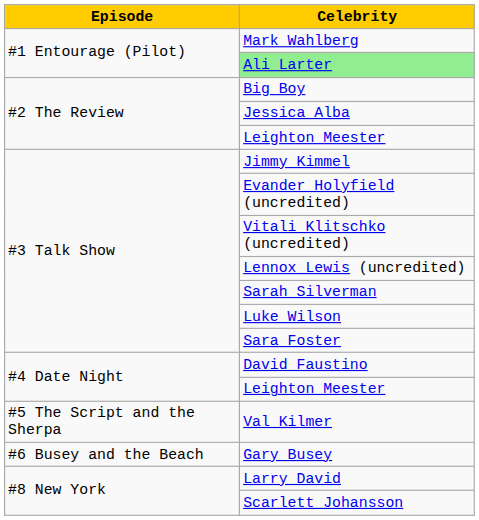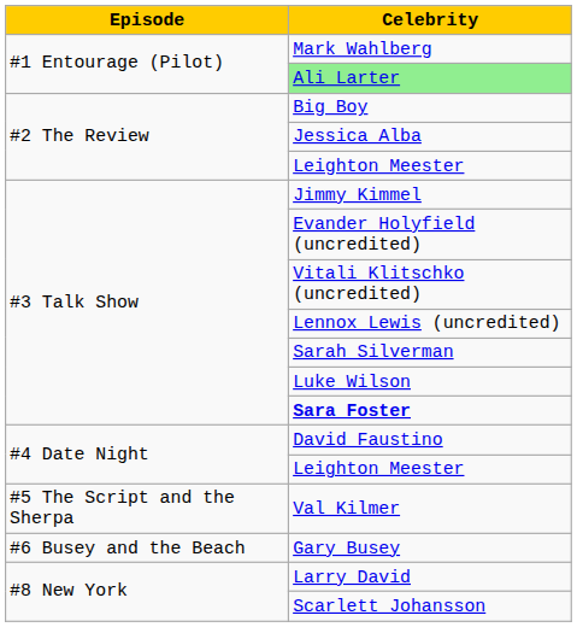 <table class="wikitable">
 <tr style="color:black">
 <th style="background:#fc0; width:200px;">Episode</th>
 <th style="background:#fc0; width:200px;">Celebrity</th>
 </tr>
 <tr>
 <td rowspan="2">#1 Entourage (Pilot)</td>
 <td><a href='#'>Mark Wahlberg</a></td>
 </tr>
 <tr>
 <td style="background: lightgreen;"><a href='#'>Ali Larter</a></td>
 </tr>
 <tr>
 <td rowspan="3">#2 The Review</td>
 <td><a href='#'>Big Boy</a></td>
 </tr>
 <tr>
 <td><a href='#'>Jessica Alba</a></td>
 </tr>
 <tr>
 <td><a href='#'>Leighton Meester</a></td>
 </tr>
 <tr>
 <td rowspan="7">#3 Talk Show</td>
 <td><a href='#'>Jimmy Kimmel</a></td>
 </tr>
 <tr>
 <td><a href='#'>Evander Holyfield</a> (uncredited)</td>
 </tr>
 <tr>
 <td><a href='#'>Vitali Klitschko</a> (uncredited)</td>
 </tr>
 <tr>
 <td><a href='#'>Lennox Lewis</a> (uncredited)</td>
 </tr>
 <tr>
 <td><a href='#'>Sarah Silverman</a></td>
 </tr>
 <tr>
 <td><a href='#'>Luke Wilson</a></td>
 </tr>
 <tr>
-<td><a href='#'>Sara Foster</a></td>
+<td><strong><a href='#'>Sara Foster</a></strong></td>
 </tr>
 <tr>
 <td rowspan="2">#4 Date Night</td>
 <td><a href='#'>David Faustino</a></td>
 </tr>
 <tr>
 <td><a href='#'>Leighton Meester</a></td>
 </tr>
 <tr>
 <td>#5 The Script and the Sherpa</td>
 <td><a href='#'>Val Kilmer</a></td>
 </tr>
 <tr>
 <td rowspan="1">#6 Busey and the Beach</td>
 <td><a href='#'>Gary Busey</a></td>
 </tr>
 <tr>
 <td rowspan="2">#8 New York</td>
 <td><a href='#'>Larry David</a></td>
 </tr>
 <tr>
 <td><a href='#'>Scarlett Johansson</a></td>
 </tr>
 </table>
